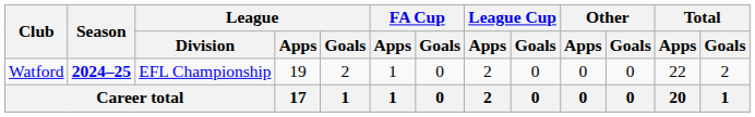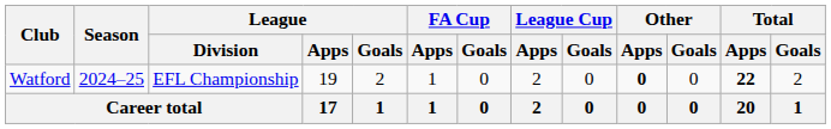 <table class="wikitable" style="text-align:center">
 <tr>
 <th rowspan="2">Club</th>
 <th rowspan="2">Season</th>
 <th colspan="3">League</th>
 <th colspan="2"><a href='#'>FA Cup</a></th>
 <th colspan="2"><a href='#'>League Cup</a></th>
 <th colspan="2">Other</th>
 <th colspan="2">Total</th>
 </tr>
 <tr>
 <th>Division</th>
 <th>Apps</th>
 <th>Goals</th>
 <th>Apps</th>
 <th>Goals</th>
 <th>Apps</th>
 <th>Goals</th>
 <th>Apps</th>
 <th>Goals</th>
 <th>Apps</th>
 <th>Goals</th>
 </tr>
 <tr>
 <td><a href='#'>Watford</a></td>
-<td><strong><a href='#'>2024–25</a></strong></td>
+<td><a href='#'>2024–25</a></td>
 <td><a href='#'>EFL Championship</a></td>
 <td>19</td>
 <td>2</td>
 <td>1</td>
 <td>0</td>
 <td>2</td>
 <td>0</td>
+<td><strong>0</strong></td>
 <td>0</td>
-<td>0</td>
-<td>22</td>
+<td><strong>22</strong></td>
 <td>2</td>
 </tr>
 <tr>
 <th colspan="3">Career total</th>
 <th>17</th>
 <th>1</th>
 <th>1</th>
 <th>0</th>
 <th>2</th>
 <th>0</th>
 <th>0</th>
 <th>0</th>
 <th>20</th>
 <th>1</th>
 </tr>
 </table>
